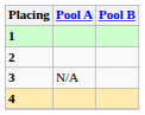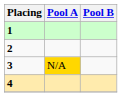 <table class=wikitable style="border:1px solid #AAAAAA;">
 <tr>
 <th>Placing</th>
 <th><a href='#'>Pool A</a></th>
 <th><a href='#'>Pool B</a></th>
 </tr>
 <tr style="background: #ccffcc;">
 <td><strong>1</strong></td>
 <td></td>
 <td></td>
 </tr>
 <tr>
 <td><strong>2</strong></td>
 <td></td>
 <td></td>
 </tr>
 <tr>
 <td><strong>3</strong></td>
-<td>N/A</td>
+<td style="background: gold;">N/A</td>
 <td></td>
 </tr>
 <tr style="background: #ffebad;">
 <td><strong>4</strong></td>
 <td></td>
 <td></td>
 </tr>
 <tr>
 </tr>
 </table>
